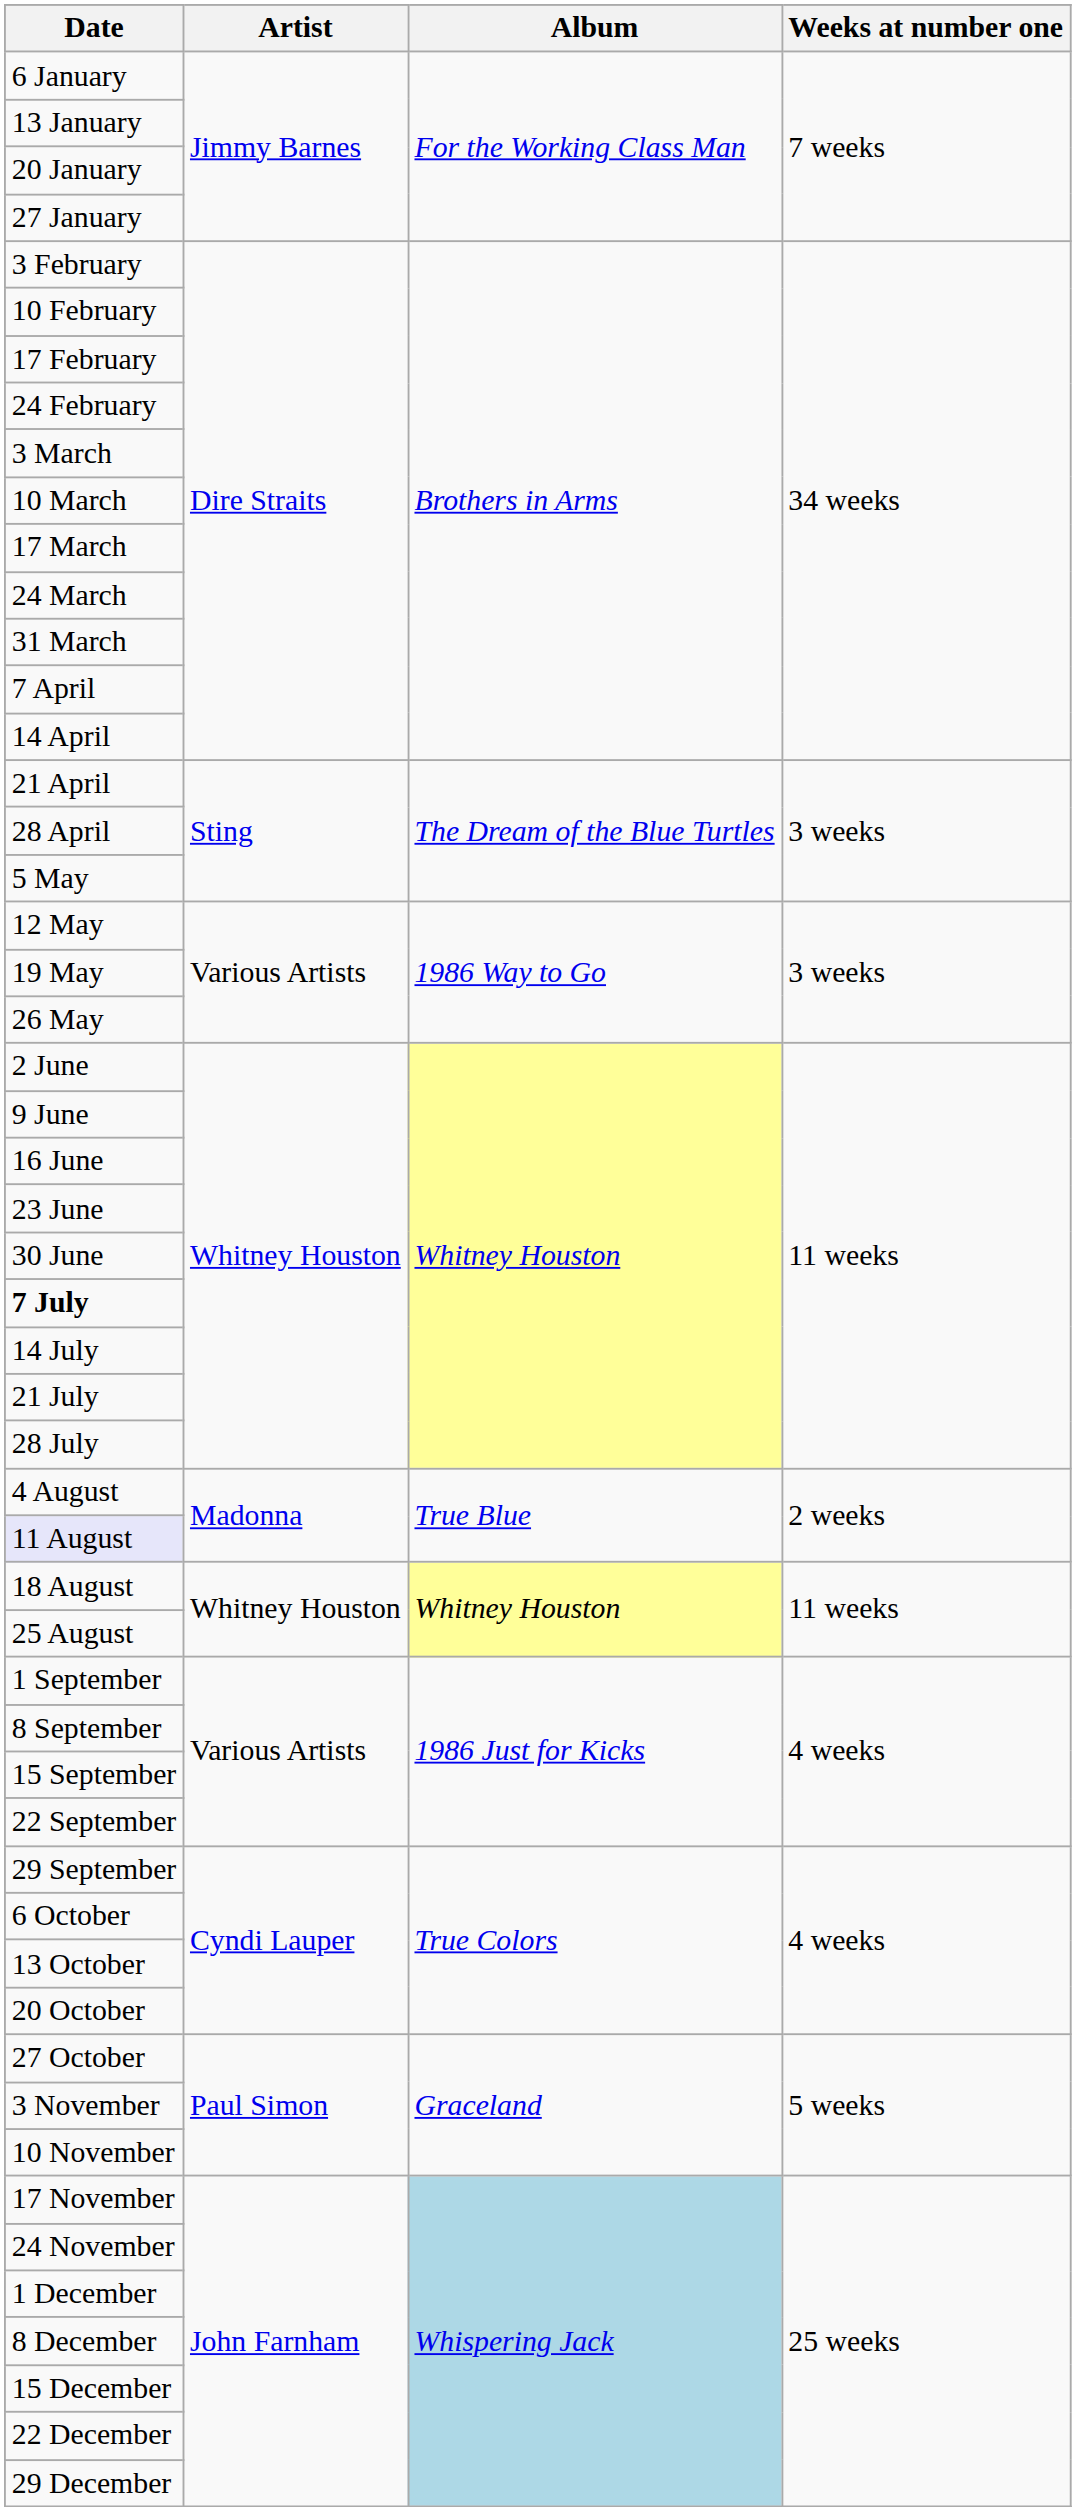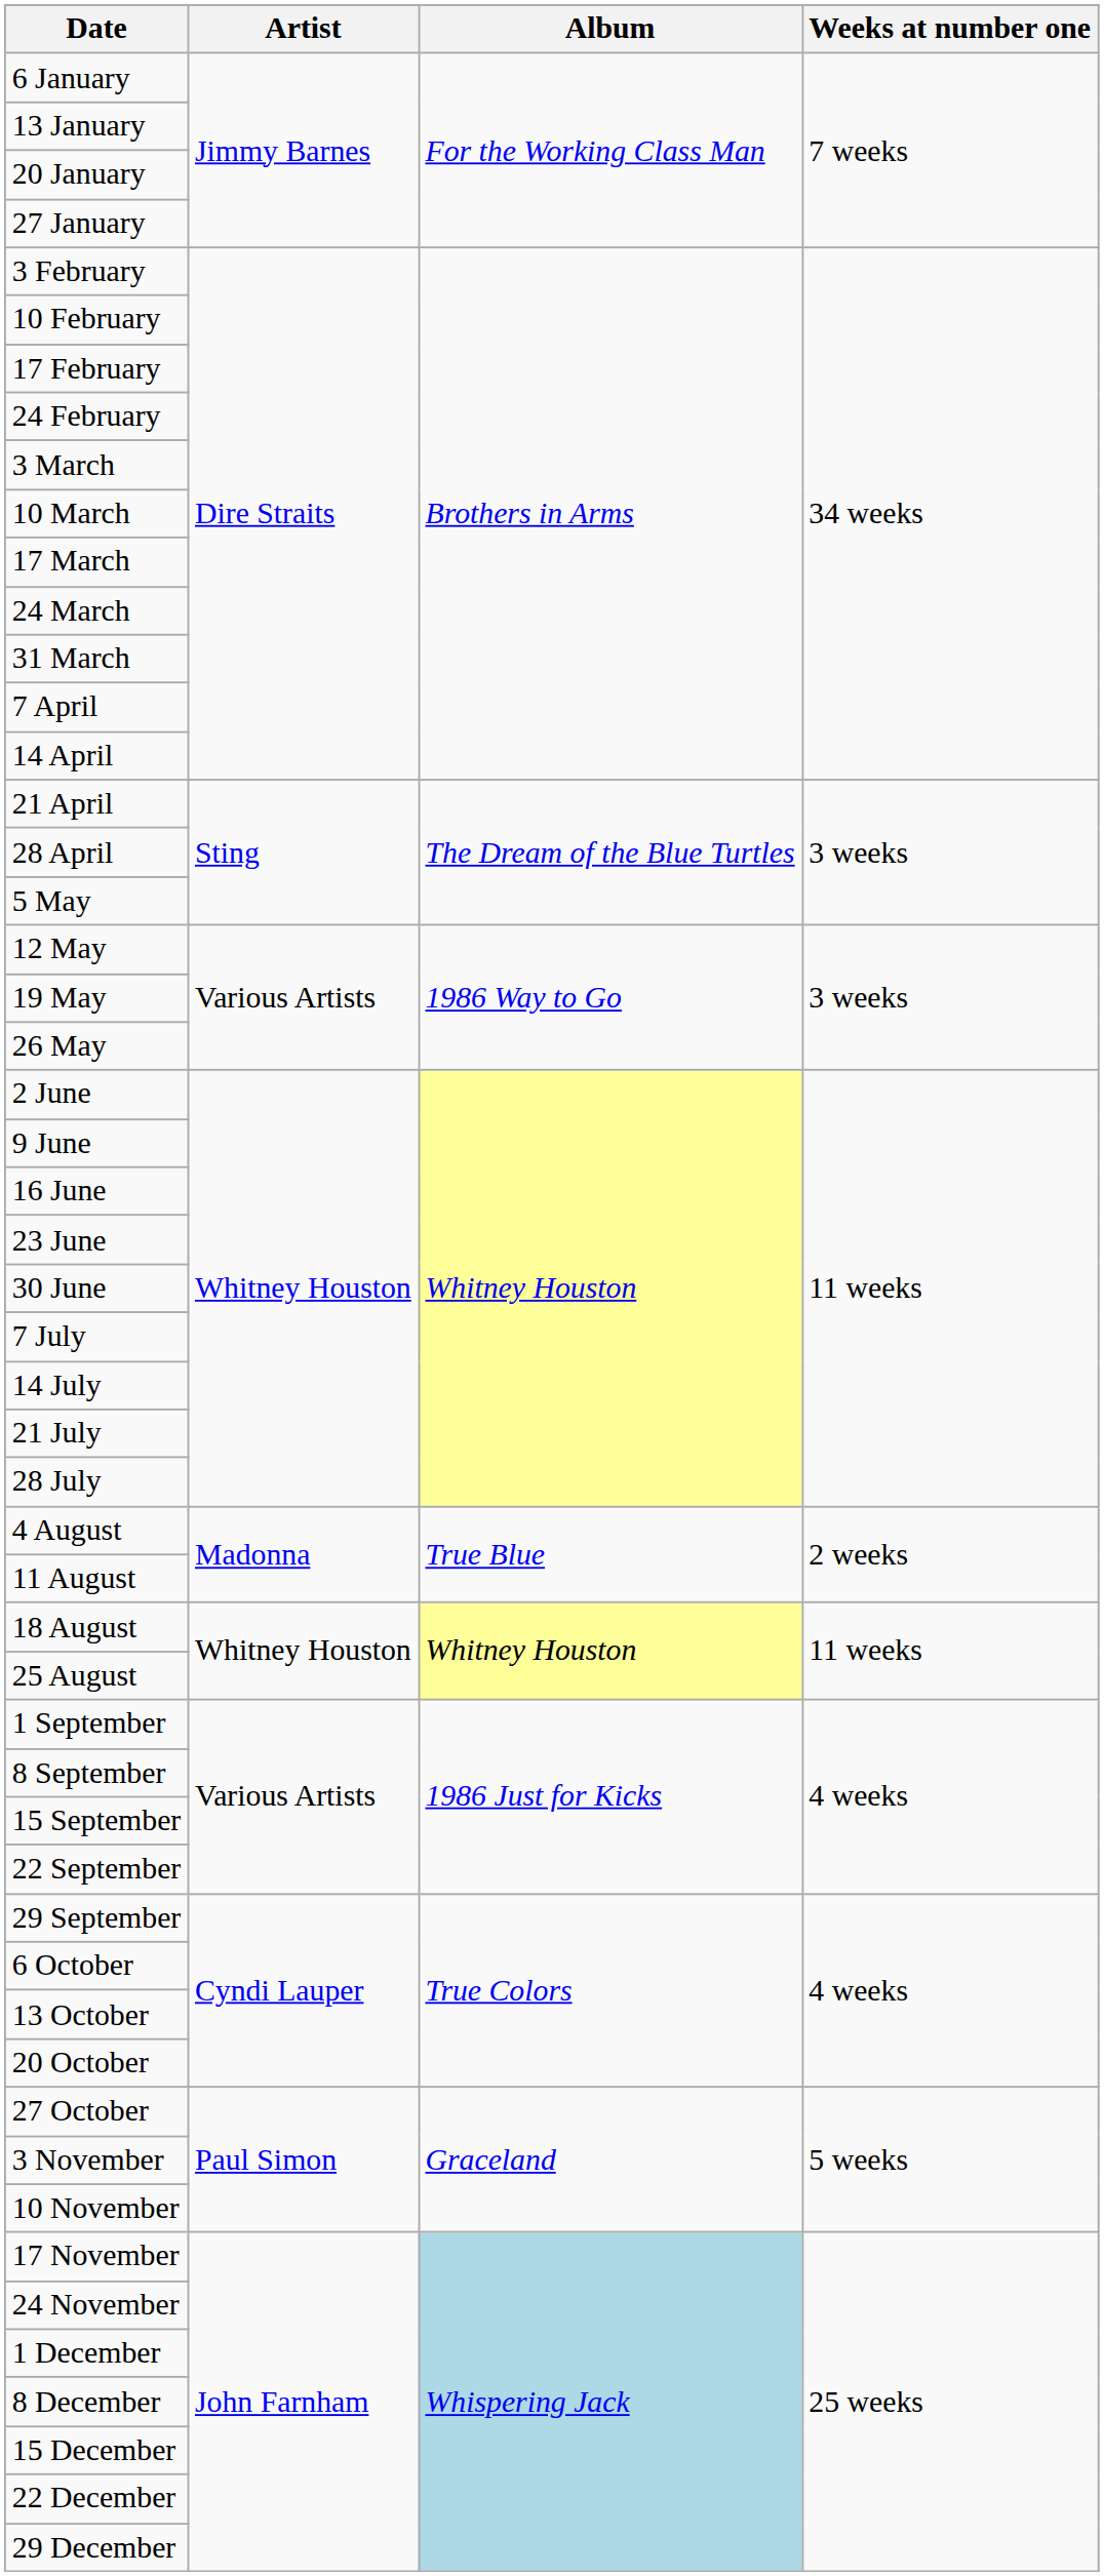 <table class="wikitable">
 <tr>
 <th>Date</th>
 <th>Artist</th>
 <th>Album</th>
 <th>Weeks at number one</th>
 </tr>
 <tr>
 <td>6 January</td>
 <td rowspan="4"><a href='#'>Jimmy Barnes</a></td>
 <td rowspan="4"><em><a href='#'>For the Working Class Man</a></em></td>
 <td rowspan="4">7 weeks</td>
 </tr>
 <tr>
 <td>13 January</td>
 </tr>
 <tr>
 <td>20 January</td>
 </tr>
 <tr>
 <td>27 January</td>
 </tr>
 <tr>
 <td>3 February</td>
 <td rowspan="11"><a href='#'>Dire Straits</a></td>
 <td rowspan="11"><em><a href='#'>Brothers in Arms</a></em></td>
 <td rowspan="11">34 weeks</td>
 </tr>
 <tr>
 <td>10 February</td>
 </tr>
 <tr>
 <td>17 February</td>
 </tr>
 <tr>
 <td>24 February</td>
 </tr>
 <tr>
 <td>3 March</td>
 </tr>
 <tr>
 <td>10 March</td>
 </tr>
 <tr>
 <td>17 March</td>
 </tr>
 <tr>
 <td>24 March</td>
 </tr>
 <tr>
 <td>31 March</td>
 </tr>
 <tr>
 <td>7 April</td>
 </tr>
 <tr>
 <td>14 April</td>
 </tr>
 <tr>
 <td>21 April</td>
 <td rowspan="3"><a href='#'>Sting</a></td>
 <td rowspan="3"><em><a href='#'>The Dream of the Blue Turtles</a></em></td>
 <td rowspan="3">3 weeks</td>
 </tr>
 <tr>
 <td>28 April</td>
 </tr>
 <tr>
 <td>5 May</td>
 </tr>
 <tr>
 <td>12 May</td>
 <td rowspan="3">Various Artists</td>
 <td rowspan="3"><em><a href='#'>1986 Way to Go</a></em></td>
 <td rowspan="3">3 weeks</td>
 </tr>
 <tr>
 <td>19 May</td>
 </tr>
 <tr>
 <td>26 May</td>
 </tr>
 <tr>
 <td>2 June</td>
 <td rowspan="9"><a href='#'>Whitney Houston</a></td>
 <td bgcolor=#FFFF99 rowspan="9"><em><a href='#'>Whitney Houston</a></em></td>
 <td rowspan="9">11 weeks</td>
 </tr>
 <tr>
 <td>9 June</td>
 </tr>
 <tr>
 <td>16 June</td>
 </tr>
 <tr>
 <td>23 June</td>
 </tr>
 <tr>
 <td>30 June</td>
 </tr>
 <tr>
-<td><strong>7 July</strong></td>
+<td>7 July</td>
 </tr>
 <tr>
 <td>14 July</td>
 </tr>
 <tr>
 <td>21 July</td>
 </tr>
 <tr>
 <td>28 July</td>
 </tr>
 <tr>
 <td>4 August</td>
 <td rowspan="2"><a href='#'>Madonna</a></td>
 <td rowspan="2"><em><a href='#'>True Blue</a></em></td>
 <td rowspan="2">2 weeks</td>
 </tr>
 <tr>
-<td style="background: lavender;">11 August</td>
+<td>11 August</td>
 </tr>
 <tr>
 <td>18 August</td>
 <td rowspan="2">Whitney Houston</td>
 <td bgcolor=#FFFF99 rowspan="2"><em>Whitney Houston</em></td>
 <td rowspan="2">11 weeks</td>
 </tr>
 <tr>
 <td>25 August</td>
 </tr>
 <tr>
 <td>1 September</td>
 <td rowspan="4">Various Artists</td>
 <td rowspan="4"><em><a href='#'>1986 Just for Kicks</a></em></td>
 <td rowspan="4">4 weeks</td>
 </tr>
 <tr>
 <td>8 September</td>
 </tr>
 <tr>
 <td>15 September</td>
 </tr>
 <tr>
 <td>22 September</td>
 </tr>
 <tr>
 <td>29 September</td>
 <td rowspan="4"><a href='#'>Cyndi Lauper</a></td>
 <td rowspan="4"><em><a href='#'>True Colors</a></em></td>
 <td rowspan="4">4 weeks</td>
 </tr>
 <tr>
 <td>6 October</td>
 </tr>
 <tr>
 <td>13 October</td>
 </tr>
 <tr>
 <td>20 October</td>
 </tr>
 <tr>
 <td>27 October</td>
 <td rowspan="3"><a href='#'>Paul Simon</a></td>
 <td rowspan="3"><em><a href='#'>Graceland</a></em></td>
 <td rowspan="3">5 weeks</td>
 </tr>
 <tr>
 <td>3 November</td>
 </tr>
 <tr>
 <td>10 November</td>
 </tr>
 <tr>
 <td>17 November</td>
 <td rowspan="7"><a href='#'>John Farnham</a></td>
 <td bgcolor=lightblue rowspan="7"><em><a href='#'>Whispering Jack</a></em></td>
 <td rowspan="7">25 weeks</td>
 </tr>
 <tr>
 <td>24 November</td>
 </tr>
 <tr>
 <td>1 December</td>
 </tr>
 <tr>
 <td>8 December</td>
 </tr>
 <tr>
 <td>15 December</td>
 </tr>
 <tr>
 <td>22 December</td>
 </tr>
 <tr>
 <td>29 December</td>
 </tr>
 <tr>
 </tr>
 </table>
